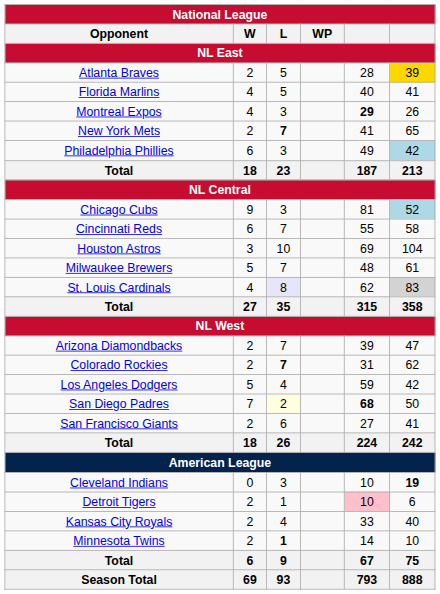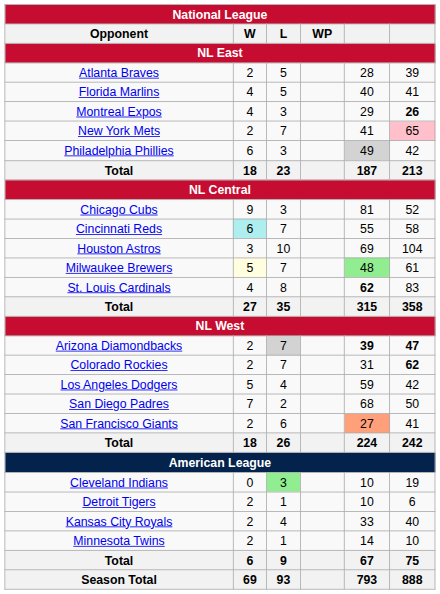 <table class="wikitable" style="font-size:95%; text-align:center; width:35em;margin: 0.5em auto;">
 <tr>
 <td colspan="7" style="background:#c60c30;color:#fff"><strong>National League</strong></td>
 </tr>
 <tr>
 <th>Opponent</th>
 <th>W</th>
 <th>L</th>
 <th>WP</th>
 <th></th>
 <th></th>
 </tr>
 <tr>
 <td colspan="7" style="background:#c60c30;color:#fff"><strong>NL East</strong></td>
 </tr>
 <tr>
 <td><a href='#'>Atlanta Braves</a></td>
 <td>2</td>
 <td>5</td>
 <td></td>
 <td>28</td>
-<td style="background: gold;">39</td>
+<td>39</td>
 </tr>
 <tr>
 <td><a href='#'>Florida Marlins</a></td>
 <td>4</td>
 <td>5</td>
 <td></td>
 <td>40</td>
 <td>41</td>
 </tr>
 <tr>
 <td><a href='#'>Montreal Expos</a></td>
 <td>4</td>
 <td>3</td>
 <td></td>
-<td><strong>29</strong></td>
-<td>26</td>
+<td>29</td>
+<td><strong>26</strong></td>
 </tr>
 <tr>
 <td><a href='#'>New York Mets</a></td>
 <td>2</td>
-<td><strong>7</strong></td>
+<td>7</td>
 <td></td>
 <td>41</td>
-<td>65</td>
+<td style="background: pink;">65</td>
 </tr>
 <tr>
 <td><a href='#'>Philadelphia Phillies</a></td>
 <td>6</td>
 <td>3</td>
 <td></td>
-<td>49</td>
-<td style="background: lightblue;">42</td>
+<td style="background: lightgrey;">49</td>
+<td>42</td>
 </tr>
 <tr>
 <th>Total</th>
 <th>18</th>
 <th>23</th>
 <th></th>
 <th>187</th>
 <th>213</th>
 </tr>
 <tr>
 <td colspan="7" style="background:#c60c30;color:#fff"><strong>NL Central</strong></td>
 </tr>
 <tr>
 <td><a href='#'>Chicago Cubs</a></td>
 <td>9</td>
 <td>3</td>
 <td></td>
 <td>81</td>
-<td style="background: lightblue;">52</td>
+<td>52</td>
 </tr>
 <tr>
 <td><a href='#'>Cincinnati Reds</a></td>
-<td>6</td>
+<td style="background: paleturquoise;">6</td>
 <td>7</td>
 <td></td>
 <td>55</td>
 <td>58</td>
 </tr>
 <tr>
 <td><a href='#'>Houston Astros</a></td>
 <td>3</td>
 <td>10</td>
 <td></td>
 <td>69</td>
 <td>104</td>
 </tr>
 <tr>
 <td><a href='#'>Milwaukee Brewers</a></td>
-<td>5</td>
+<td style="background: lightyellow;">5</td>
 <td>7</td>
 <td></td>
-<td>48</td>
+<td style="background: lightgreen;">48</td>
 <td>61</td>
 </tr>
 <tr>
 <td><a href='#'>St. Louis Cardinals</a></td>
 <td>4</td>
-<td style="background: lavender;">8</td>
+<td>8</td>
 <td></td>
-<td>62</td>
-<td style="background: lightgrey;">83</td>
+<td><strong>62</strong></td>
+<td>83</td>
 </tr>
 <tr>
 <th>Total</th>
 <th>27</th>
 <th>35</th>
 <th></th>
 <th>315</th>
 <th>358</th>
 </tr>
 <tr>
 <td colspan="7" style="background:#c60c30;color:#fff"><strong>NL West</strong></td>
 </tr>
 <tr>
 <td><a href='#'>Arizona Diamondbacks</a></td>
 <td>2</td>
-<td>7</td>
+<td style="background: lightgrey;">7</td>
 <td></td>
-<td>39</td>
-<td>47</td>
+<td><strong>39</strong></td>
+<td><strong>47</strong></td>
 </tr>
 <tr>
 <td><a href='#'>Colorado Rockies</a></td>
 <td>2</td>
-<td><strong>7</strong></td>
+<td>7</td>
 <td></td>
 <td>31</td>
-<td>62</td>
+<td><strong>62</strong></td>
 </tr>
 <tr>
 <td><a href='#'>Los Angeles Dodgers</a></td>
 <td>5</td>
 <td>4</td>
 <td></td>
 <td>59</td>
 <td>42</td>
 </tr>
 <tr>
 <td><a href='#'>San Diego Padres</a></td>
 <td>7</td>
-<td style="background: lightyellow;">2</td>
+<td>2</td>
 <td></td>
-<td><strong>68</strong></td>
+<td>68</td>
 <td>50</td>
 </tr>
 <tr>
 <td><a href='#'>San Francisco Giants</a></td>
 <td>2</td>
 <td>6</td>
 <td></td>
-<td>27</td>
+<td style="background: lightsalmon;">27</td>
 <td>41</td>
 </tr>
 <tr>
 <th>Total</th>
 <th>18</th>
 <th>26</th>
 <th></th>
 <th>224</th>
 <th>242</th>
 </tr>
 <tr>
 <td colspan="7" style="background:#03224c;color:#fff"><strong>American League</strong></td>
 </tr>
 <tr>
 <td><a href='#'>Cleveland Indians</a></td>
 <td>0</td>
-<td>3</td>
+<td style="background: lightgreen;">3</td>
 <td></td>
 <td>10</td>
-<td><strong>19</strong></td>
+<td>19</td>
 </tr>
 <tr>
 <td><a href='#'>Detroit Tigers</a></td>
 <td>2</td>
 <td>1</td>
 <td></td>
-<td style="background: pink;">10</td>
+<td>10</td>
 <td>6</td>
 </tr>
 <tr>
 <td><a href='#'>Kansas City Royals</a></td>
 <td>2</td>
 <td>4</td>
 <td></td>
 <td>33</td>
 <td>40</td>
 </tr>
 <tr>
 <td><a href='#'>Minnesota Twins</a></td>
 <td>2</td>
-<td><strong>1</strong></td>
+<td>1</td>
 <td></td>
 <td>14</td>
 <td>10</td>
 </tr>
 <tr>
 <th>Total</th>
 <th>6</th>
 <th>9</th>
 <th></th>
 <th>67</th>
 <th>75</th>
 </tr>
 <tr>
 <th>Season Total</th>
 <th>69</th>
 <th>93</th>
 <th></th>
 <th>793</th>
 <th>888</th>
 </tr>
 </table>
